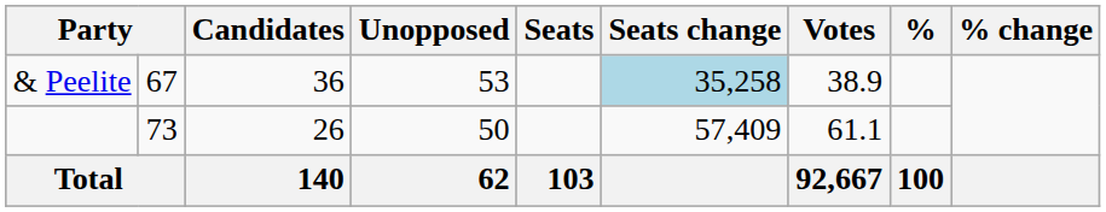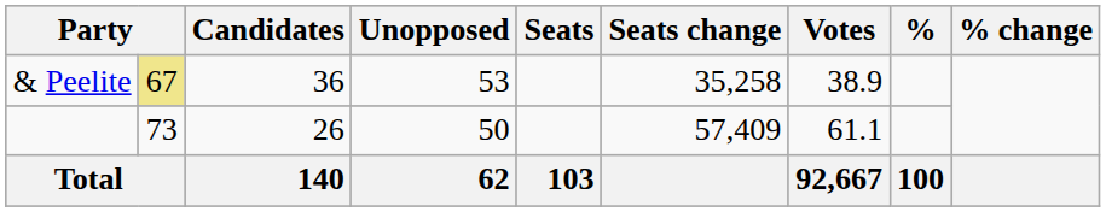 <table class="wikitable sortable">
 <tr>
 <th colspan=2>Party</th>
 <th>Candidates</th>
 <th>Unopposed</th>
 <th>Seats</th>
 <th>Seats change</th>
 <th>Votes</th>
 <th>%</th>
 <th>% change</th>
 </tr>
 <tr>
 <td> & <a href='#'>Peelite</a></td>
-<td align=right>67</td>
+<td align=right style="background: khaki;">67</td>
 <td align=right>36</td>
 <td align=right>53</td>
 <td align=right></td>
-<td align=right style="background: lightblue;">35,258</td>
+<td align=right>35,258</td>
 <td align=right>38.9</td>
 <td align=right></td>
 </tr>
 <tr>
 <td></td>
 <td align=right>73</td>
 <td align=right>26</td>
 <td align=right>50</td>
 <td align=right></td>
 <td align=right>57,409</td>
 <td align=right>61.1</td>
 <td align=right></td>
 </tr>
 <tr class="sortbottom" style="font-weight: bold; text-align: right; background: #f2f2f2;">
 <th colspan="2" style="padding-left: 1.5em; text-align: left;">Total</th>
 <td align=right>140</td>
 <td align=right>62</td>
 <td align=right>103</td>
 <td align=right></td>
 <td align=right>92,667</td>
 <td align=right>100</td>
 <td align=right></td>
 </tr>
 </table>
